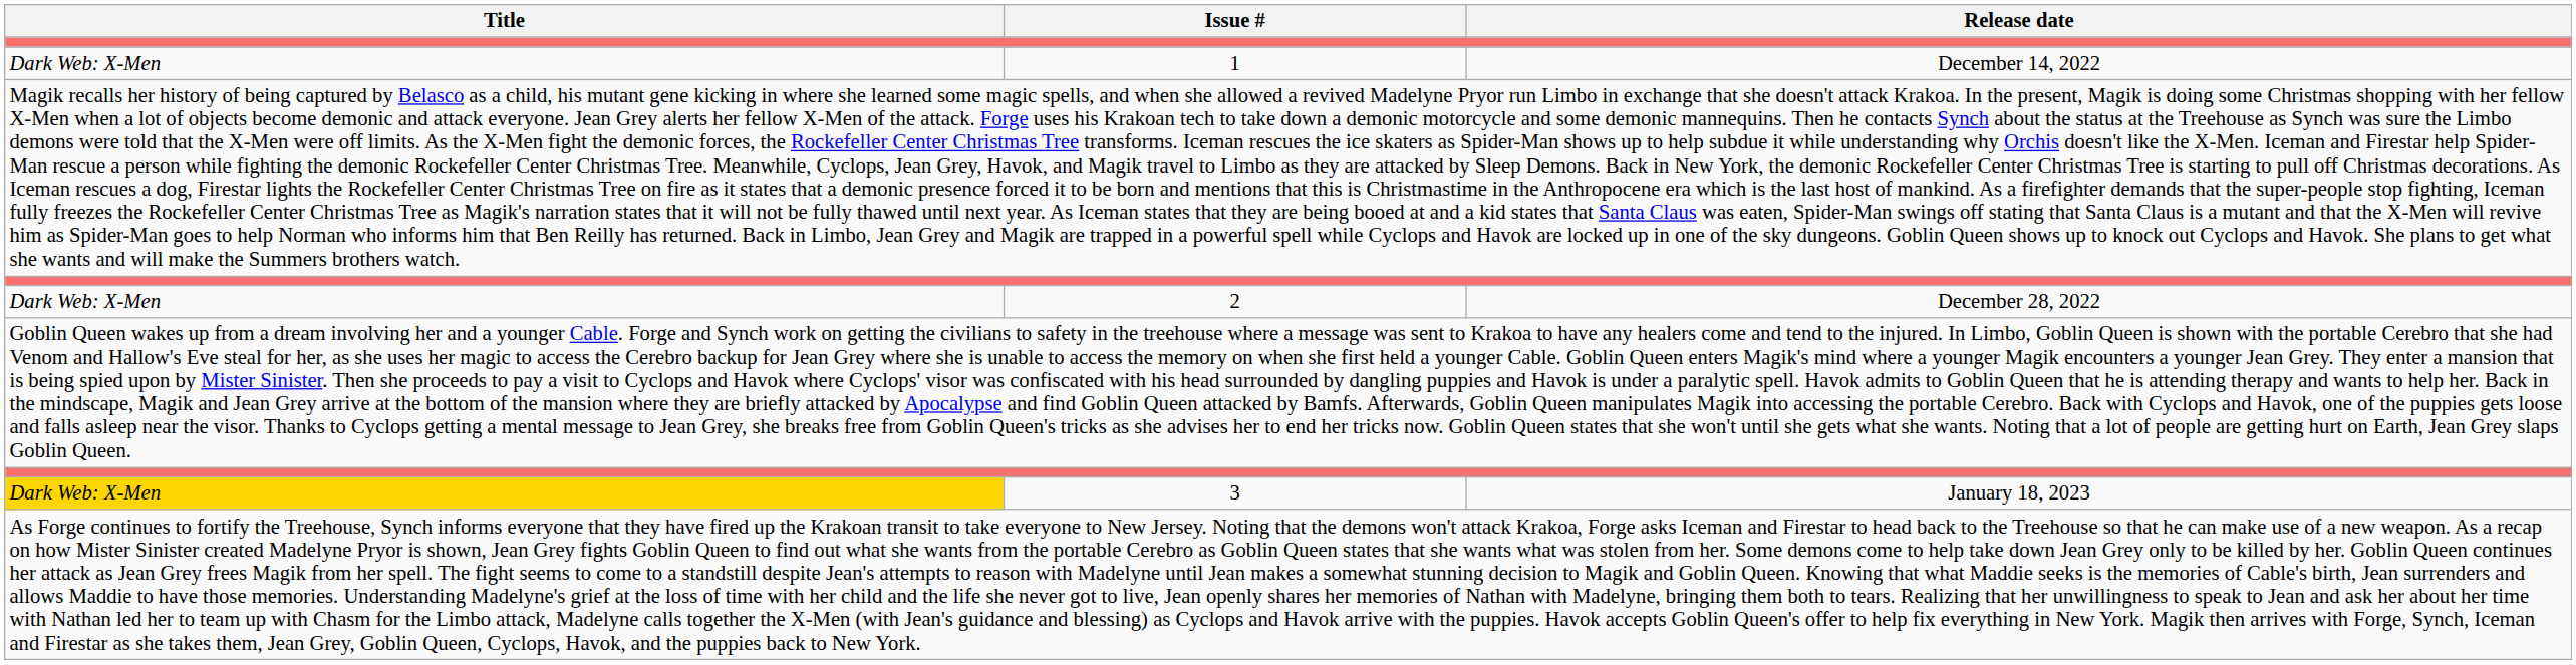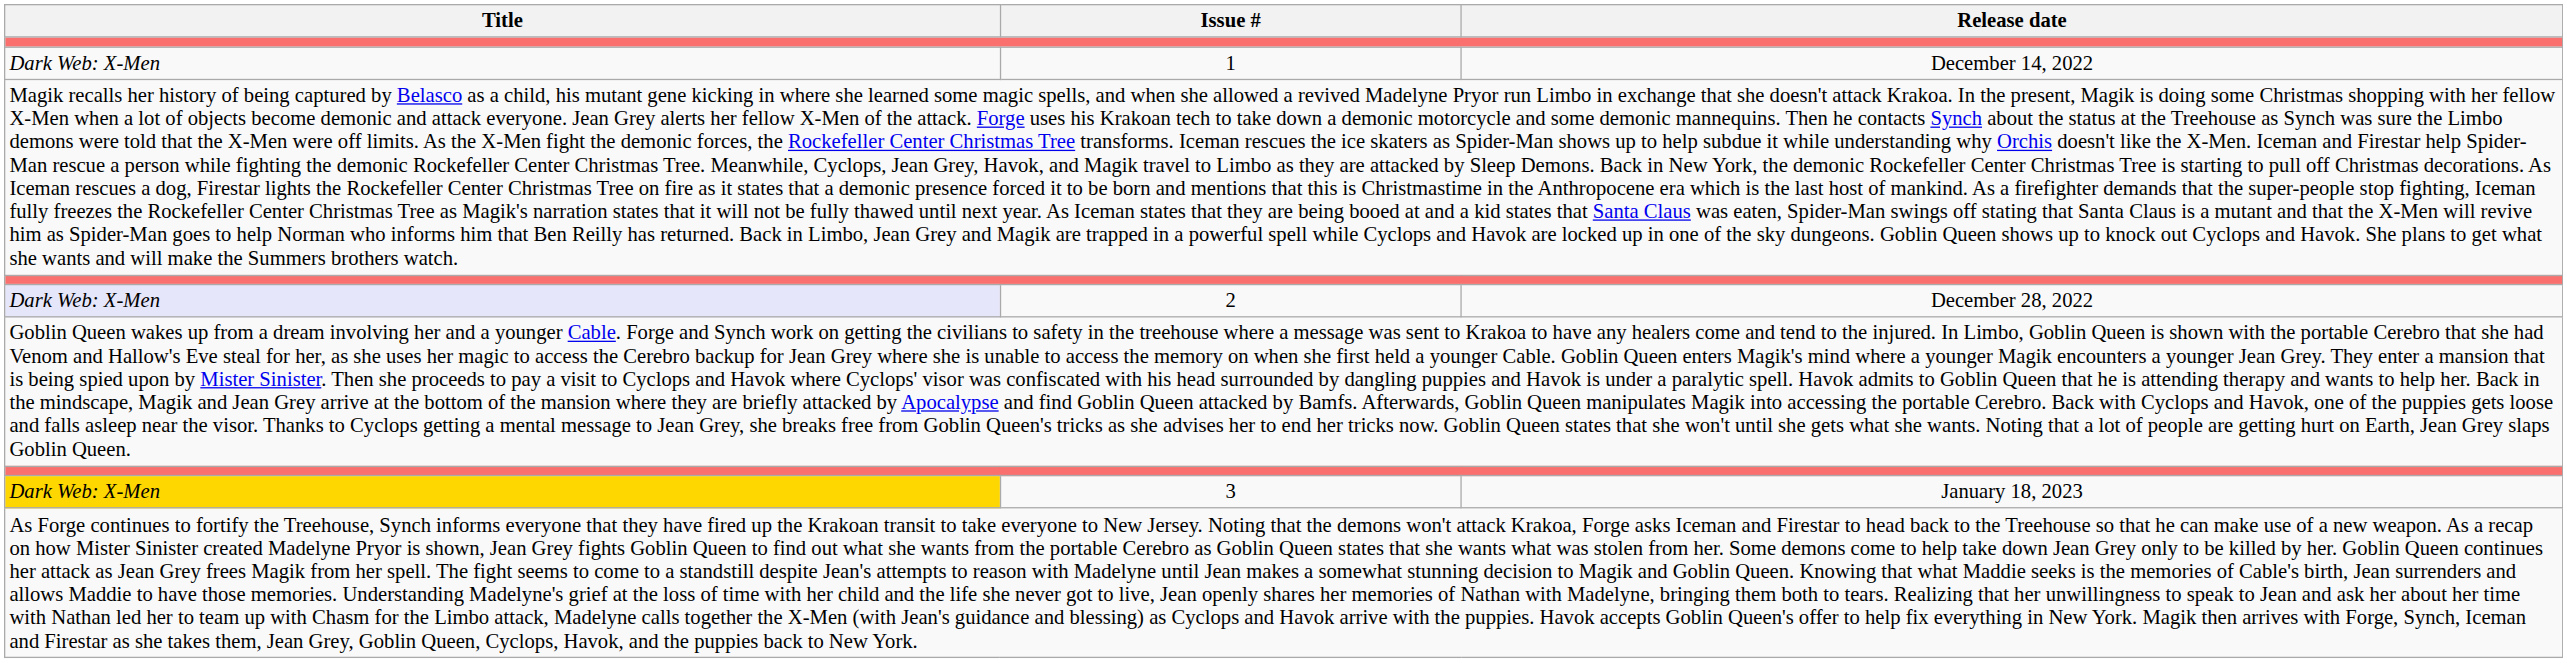 <table class="wikitable" style="width:100%;">
 <tr>
 <th>Title</th>
 <th>Issue #</th>
 <th>Release date</th>
 </tr>
 <tr>
 <td colspan="6" style="background:#fa706e;"></td>
 </tr>
 <tr>
 <td><em>Dark Web: X-Men</em></td>
 <td style="text-align:center;">1</td>
 <td style="text-align:center;">December 14, 2022</td>
 </tr>
 <tr>
 <td colspan="6">Magik recalls her history of being captured by <a href='#'>Belasco</a> as a child, his mutant gene kicking in where she learned some magic spells, and when she allowed a revived Madelyne Pryor run Limbo in exchange that she doesn't attack Krakoa. In the present, Magik is doing some Christmas shopping with her fellow X-Men when a lot of objects become demonic and attack everyone. Jean Grey alerts her fellow X-Men of the attack. <a href='#'>Forge</a> uses his Krakoan tech to take down a demonic motorcycle and some demonic mannequins. Then he contacts <a href='#'>Synch</a> about the status at the Treehouse as Synch was sure the Limbo demons were told that the X-Men were off limits. As the X-Men fight the demonic forces, the <a href='#'>Rockefeller Center Christmas Tree</a> transforms. Iceman rescues the ice skaters as Spider-Man shows up to help subdue it while understanding why <a href='#'>Orchis</a> doesn't like the X-Men. Iceman and Firestar help Spider-Man rescue a person while fighting the demonic Rockefeller Center Christmas Tree. Meanwhile, Cyclops, Jean Grey, Havok, and Magik travel to Limbo as they are attacked by Sleep Demons. Back in New York, the demonic Rockefeller Center Christmas Tree is starting to pull off Christmas decorations. As Iceman rescues a dog, Firestar lights the Rockefeller Center Christmas Tree on fire as it states that a demonic presence forced it to be born and mentions that this is Christmastime in the Anthropocene era which is the last host of mankind. As a firefighter demands that the super-people stop fighting, Iceman fully freezes the Rockefeller Center Christmas Tree as Magik's narration states that it will not be fully thawed until next year. As Iceman states that they are being booed at and a kid states that <a href='#'>Santa Claus</a> was eaten, Spider-Man swings off stating that Santa Claus is a mutant and that the X-Men will revive him as Spider-Man goes to help Norman who informs him that Ben Reilly has returned. Back in Limbo, Jean Grey and Magik are trapped in a powerful spell while Cyclops and Havok are locked up in one of the sky dungeons. Goblin Queen shows up to knock out Cyclops and Havok. She plans to get what she wants and will make the Summers brothers watch.</td>
 </tr>
 <tr>
 <td colspan="6" style="background:#fa706e;"></td>
 </tr>
 <tr>
-<td><em>Dark Web: X-Men</em></td>
+<td style="background: lavender;"><em>Dark Web: X-Men</em></td>
 <td style="text-align:center;">2</td>
 <td style="text-align:center;">December 28, 2022</td>
 </tr>
 <tr>
 <td colspan="6">Goblin Queen wakes up from a dream involving her and a younger <a href='#'>Cable</a>. Forge and Synch work on getting the civilians to safety in the treehouse where a message was sent to Krakoa to have any healers come and tend to the injured. In Limbo, Goblin Queen is shown with the portable Cerebro that she had Venom and Hallow's Eve steal for her, as she uses her magic to access the Cerebro backup for Jean Grey where she is unable to access the memory on when she first held a younger Cable. Goblin Queen enters Magik's mind where a younger Magik encounters a younger Jean Grey. They enter a mansion that is being spied upon by <a href='#'>Mister Sinister</a>. Then she proceeds to pay a visit to Cyclops and Havok where Cyclops' visor was confiscated with his head surrounded by dangling puppies and Havok is under a paralytic spell. Havok admits to Goblin Queen that he is attending therapy and wants to help her. Back in the mindscape, Magik and Jean Grey arrive at the bottom of the mansion where they are briefly attacked by <a href='#'>Apocalypse</a> and find Goblin Queen attacked by Bamfs. Afterwards, Goblin Queen manipulates Magik into accessing the portable Cerebro. Back with Cyclops and Havok, one of the puppies gets loose and falls asleep near the visor. Thanks to Cyclops getting a mental message to Jean Grey, she breaks free from Goblin Queen's tricks as she advises her to end her tricks now. Goblin Queen states that she won't until she gets what she wants. Noting that a lot of people are getting hurt on Earth, Jean Grey slaps Goblin Queen.</td>
 </tr>
 <tr>
 <td colspan="6" style="background:#fa706e;"></td>
 </tr>
 <tr>
 <td style="background: gold;"><em>Dark Web: X-Men</em></td>
 <td style="text-align:center;">3</td>
 <td style="text-align:center;">January 18, 2023</td>
 </tr>
 <tr>
 <td colspan="6">As Forge continues to fortify the Treehouse, Synch informs everyone that they have fired up the Krakoan transit to take everyone to New Jersey. Noting that the demons won't attack Krakoa, Forge asks Iceman and Firestar to head back to the Treehouse so that he can make use of a new weapon. As a recap on how Mister Sinister created Madelyne Pryor is shown, Jean Grey fights Goblin Queen to find out what she wants from the portable Cerebro as Goblin Queen states that she wants what was stolen from her. Some demons come to help take down Jean Grey only to be killed by her. Goblin Queen continues her attack as Jean Grey frees Magik from her spell. The fight seems to come to a standstill despite Jean's attempts to reason with Madelyne until Jean makes a somewhat stunning decision to Magik and Goblin Queen. Knowing that what Maddie seeks is the memories of Cable's birth, Jean surrenders and allows Maddie to have those memories. Understanding Madelyne's grief at the loss of time with her child and the life she never got to live, Jean openly shares her memories of Nathan with Madelyne, bringing them both to tears. Realizing that her unwillingness to speak to Jean and ask her about her time with Nathan led her to team up with Chasm for the Limbo attack, Madelyne calls together the X-Men (with Jean's guidance and blessing) as Cyclops and Havok arrive with the puppies. Havok accepts Goblin Queen's offer to help fix everything in New York. Magik then arrives with Forge, Synch, Iceman and Firestar as she takes them, Jean Grey, Goblin Queen, Cyclops, Havok, and the puppies back to New York.</td>
 </tr>
 </table>
